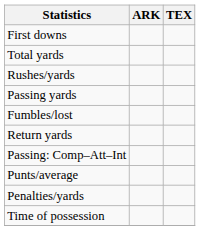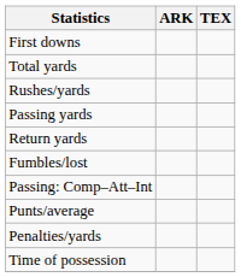 <table class="wikitable" style="float: left;">
 <tr>
 <th>Statistics</th>
 <th>ARK</th>
 <th>TEX</th>
 </tr>
 <tr>
 <td>First downs</td>
 <td></td>
 <td></td>
 </tr>
 <tr>
 <td>Total yards</td>
 <td></td>
 <td></td>
 </tr>
 <tr>
 <td>Rushes/yards</td>
 <td></td>
 <td></td>
 </tr>
 <tr>
 <td>Passing yards</td>
 <td></td>
 <td></td>
 </tr>
 <tr>
-<td>Fumbles/lost</td>
+<td>Return yards</td>
 <td></td>
 <td></td>
 </tr>
 <tr>
-<td>Return yards</td>
+<td>Fumbles/lost</td>
 <td></td>
 <td></td>
 </tr>
 <tr>
 <td>Passing: Comp–Att–Int</td>
 <td></td>
 <td></td>
 </tr>
 <tr>
 <td>Punts/average</td>
 <td></td>
 <td></td>
 </tr>
 <tr>
 <td>Penalties/yards</td>
 <td></td>
 <td></td>
 </tr>
 <tr>
 <td>Time of possession</td>
 <td></td>
 <td></td>
 </tr>
 <tr>
 </tr>
 </table>
